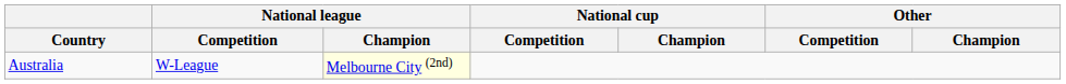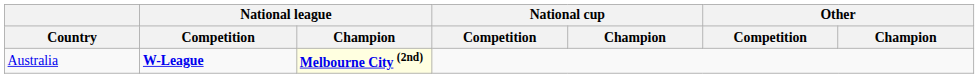 <table class="wikitable">
 <tr>
 <th></th>
 <th colspan=2>National league</th>
 <th colspan=2>National cup</th>
 <th colspan=2>Other</th>
 </tr>
 <tr>
 <th width=150px>Country</th>
 <th width=175px>Competition</th>
 <th width=150px>Champion</th>
 <th width=150px>Competition</th>
 <th width=150px>Champion</th>
 <th width=150px>Competition</th>
 <th width=150px>Champion</th>
 </tr>
 <tr>
 <td> <a href='#'>Australia</a></td>
-<td><a href='#'>W-League</a></td>
-<td bgcolor=lightyellow><a href='#'>Melbourne City</a> <sup>(2nd)</sup></td>
+<td><strong><a href='#'>W-League</a></strong></td>
+<td bgcolor=lightyellow><strong><a href='#'>Melbourne City</a> <sup>(2nd)</sup></strong></td>
 <td colspan=4></td>
 </tr>
 </table>
